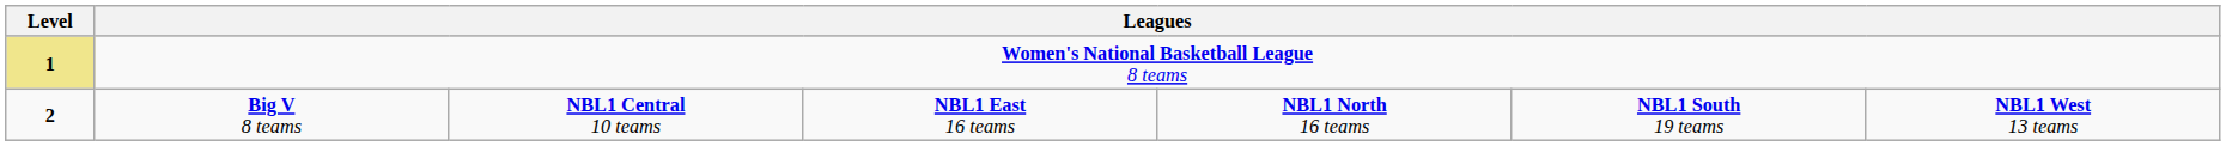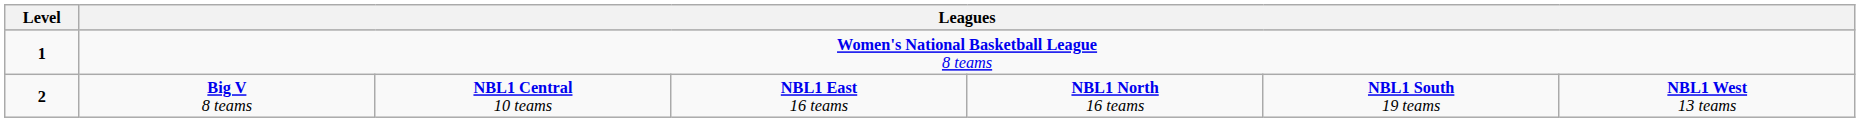 <table class="wikitable"  style="text-align:center; font-size:11px; width:99%;">
 <tr>
 <th>Level</th>
 <th colspan=6>Leagues</th>
 </tr>
 <tr>
-<td style="background: khaki;"><strong>1</strong></td>
+<td><strong>1</strong></td>
 <td colspan=6><strong><a href='#'>Women's National Basketball League</a></strong><br><em><a href='#'>8 teams</a></em></td>
 </tr>
 <tr>
 <td rowspan=2><strong>2</strong></td>
 <td style="width:16%;" rowspan="2"><strong><a href='#'>Big V</a></strong><br><em>8 teams</em></td>
 <td style="width:16%;" rowspan="2"><strong><a href='#'>NBL1 Central</a></strong><br><em>10 teams</em></td>
 <td style="width:16%;" rowspan="2"><strong><a href='#'>NBL1 East</a></strong><br><em>16 teams</em></td>
 <td style="width:16%;" rowspan="2"><strong><a href='#'>NBL1 North</a></strong><br><em>16 teams</em></td>
 <td style="width:16%;" rowspan="2"><strong><a href='#'>NBL1 South</a></strong><br><em>19 teams</em></td>
 <td style="width:16%;" rowspan="2"><strong><a href='#'>NBL1 West</a></strong><br><em>13 teams</em></td>
 </tr>
 </table>
